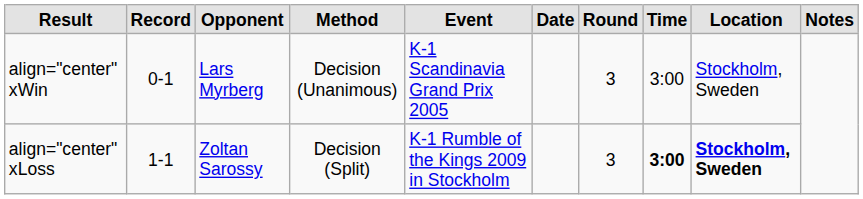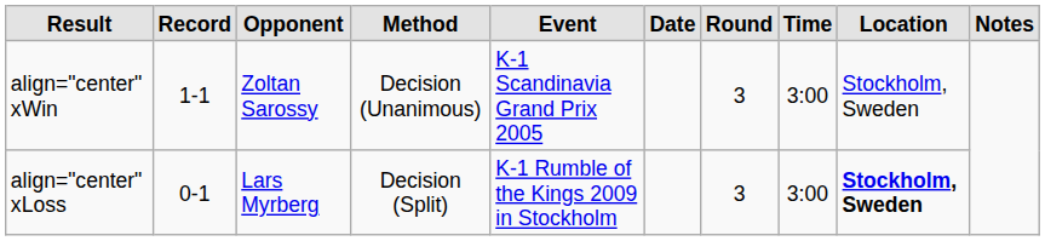 <table class="wikitable sortable" border="1" style="font-size:80%; text-align:left; width:100%;">
 <tr>
 <th style="border-style:none none solid solid; background:#e3e3e3;">Result</th>
 <th style="border-style:none none solid solid; background:#e3e3e3;"><strong>Record</strong></th>
 <th style="border-style:none none solid solid; background:#e3e3e3;"><strong>Opponent</strong></th>
 <th style="border-style:none none solid solid; background:#e3e3e3;"><strong>Method</strong></th>
 <th style="border-style:none none solid solid; background:#e3e3e3;"><strong>Event</strong></th>
 <th style="border-style:none none solid solid; background:#e3e3e3;"><strong>Date</strong></th>
 <th style="border-style:none none solid solid; background:#e3e3e3;"><strong>Round</strong></th>
 <th style="border-style:none none solid solid; background:#e3e3e3;"><strong>Time</strong></th>
 <th style="border-style:none none solid solid; background:#e3e3e3;"><strong>Location</strong></th>
 <th style="border-style:none none solid solid; background:#e3e3e3;"><strong>Notes</strong></th>
 </tr>
 <tr>
 <td>align="center" <span>x</span>Win</td>
-<td align="center">0-1</td>
-<td> <a href='#'>Lars Myrberg</a></td>
+<td align="center">1-1</td>
+<td> <a href='#'>Zoltan Sarossy</a></td>
 <td align="center">Decision (Unanimous)</td>
 <td><a href='#'>K-1 Scandinavia Grand Prix 2005</a></td>
 <td align="center"></td>
 <td align="center">3</td>
 <td align="center">3:00</td>
 <td> <a href='#'>Stockholm</a>, Sweden</td>
 </tr>
 <tr>
 <td>align="center" <span>x</span>Loss</td>
-<td align="center">1-1</td>
-<td> <a href='#'>Zoltan Sarossy</a></td>
+<td align="center">0-1</td>
+<td> <a href='#'>Lars Myrberg</a></td>
 <td align="center">Decision (Split)</td>
 <td><a href='#'>K-1 Rumble of the Kings 2009 in Stockholm</a></td>
 <td align="center"></td>
 <td align="center">3</td>
-<td align="center"><strong>3:00</strong></td>
+<td align="center">3:00</td>
 <td><strong> <a href='#'>Stockholm</a>, Sweden</strong></td>
 </tr>
 </table>
